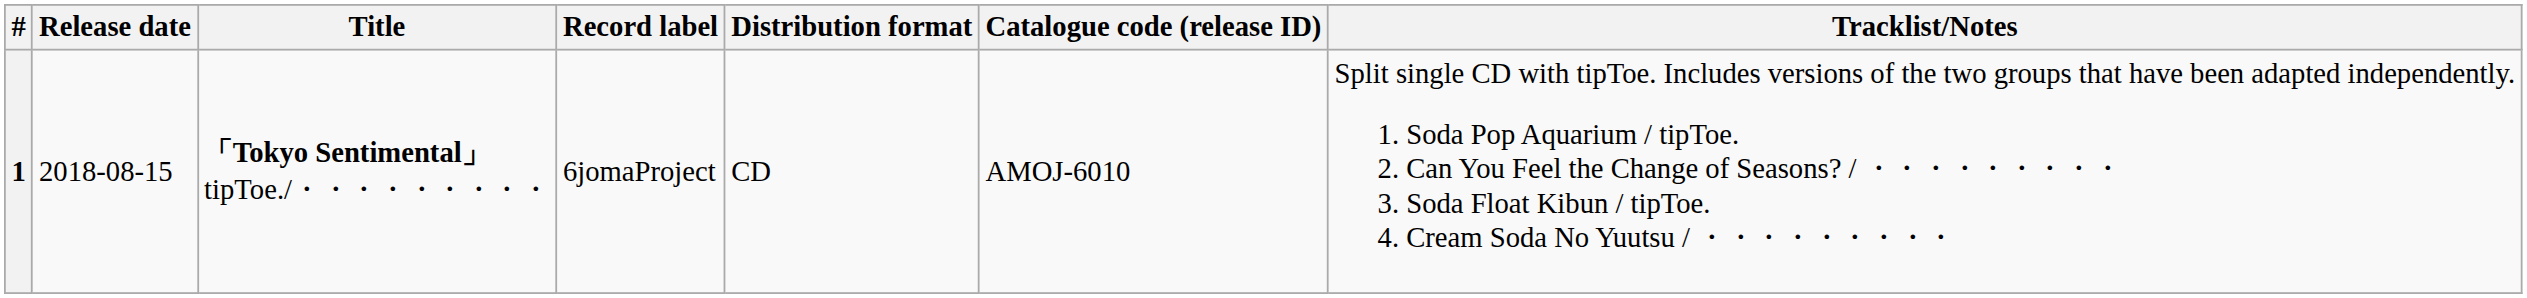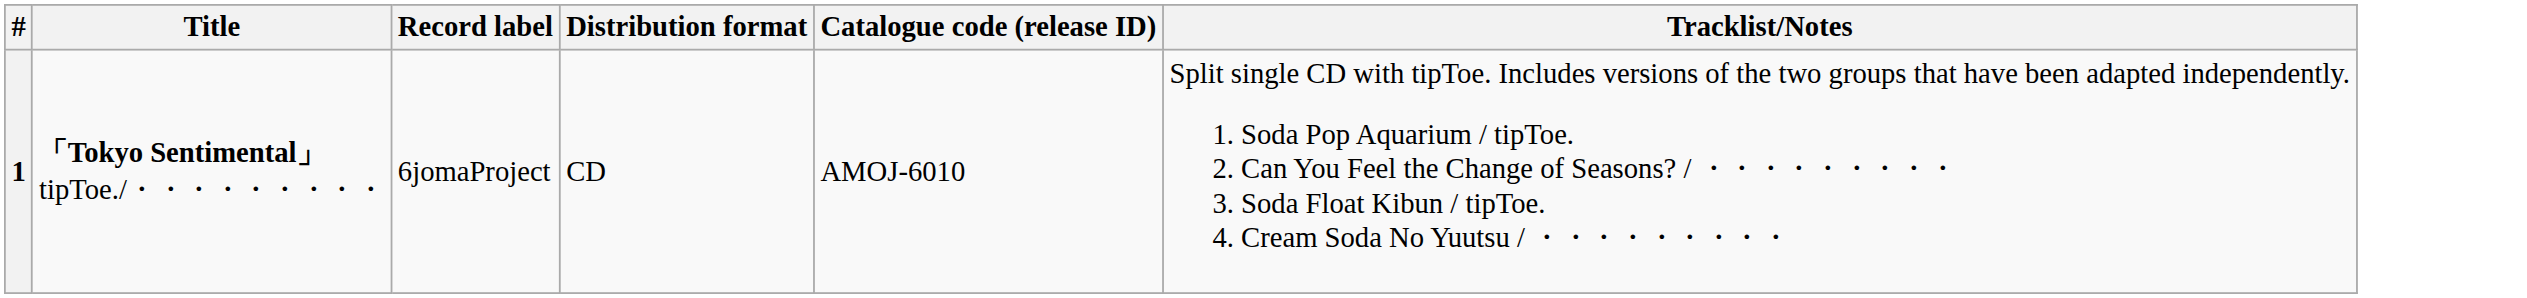 <table class="wikitable">
 <tr>
 <th>#</th>
-<th>Release date</th>
 <th>Title</th>
 <th>Record label</th>
 <th>Distribution format</th>
 <th>Catalogue code (release ID)</th>
 <th>Tracklist/Notes</th>
 </tr>
 <tr>
 <th>1</th>
-<td>2018-08-15</td>
 <td><strong>「Tokyo Sentimental」</strong><br>tipToe./・・・・・・・・・</td>
 <td>6jomaProject</td>
 <td>CD</td>
 <td>AMOJ-6010</td>
 <td>Split single CD with tipToe. Includes versions of the two groups that have been adapted independently.<br><ol><li>Soda Pop Aquarium / tipToe.</li><li>Can You Feel the Change of Seasons? / ・・・・・・・・・</li><li>Soda Float Kibun / tipToe.</li><li>Cream Soda No Yuutsu / ・・・・・・・・・</li></ol></td>
 </tr>
 </table>
